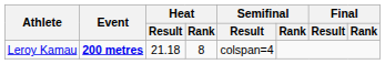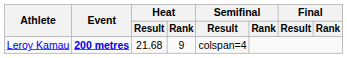 <table class="wikitable" style="font-size:90%">
 <tr>
 <th rowspan="2">Athlete</th>
 <th rowspan="2">Event</th>
 <th colspan="2">Heat</th>
 <th colspan="2">Semifinal</th>
 <th colspan="2">Final</th>
 </tr>
 <tr style="font-size:95%">
 <th>Result</th>
 <th>Rank</th>
 <th>Result</th>
 <th>Rank</th>
 <th>Result</th>
 <th>Rank</th>
 </tr>
 <tr align=center>
 <td align=left><a href='#'>Leroy Kamau</a></td>
 <td align=left><strong><a href='#'>200 metres</a></strong></td>
-<td>21.18 </td>
-<td>8</td>
+<td>21.68 </td>
+<td>9</td>
 <td>colspan=4 </td>
 </tr>
 </table>
